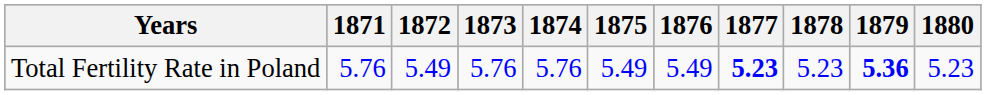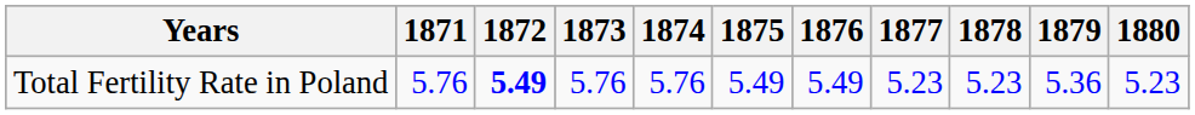 <table class="wikitable " style="text-align:right">
 <tr>
 <th>Years</th>
 <th>1871</th>
 <th>1872</th>
 <th>1873</th>
 <th>1874</th>
 <th>1875</th>
 <th>1876</th>
 <th>1877</th>
 <th>1878</th>
 <th>1879</th>
 <th>1880</th>
 </tr>
 <tr>
 <td align="left">Total Fertility Rate in Poland</td>
 <td style="text-align:right; color:blue;">5.76</td>
-<td style="text-align:right; color:blue;">5.49</td>
+<td style="text-align:right; color:blue;"><strong>5.49</strong></td>
 <td style="text-align:right; color:blue;">5.76</td>
 <td style="text-align:right; color:blue;">5.76</td>
 <td style="text-align:right; color:blue;">5.49</td>
 <td style="text-align:right; color:blue;">5.49</td>
-<td style="text-align:right; color:blue;"><strong>5.23</strong></td>
 <td style="text-align:right; color:blue;">5.23</td>
-<td style="text-align:right; color:blue;"><strong>5.36</strong></td>
+<td style="text-align:right; color:blue;">5.23</td>
+<td style="text-align:right; color:blue;">5.36</td>
 <td style="text-align:right; color:blue;">5.23</td>
 </tr>
 </table>
